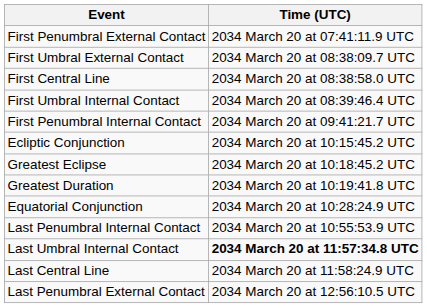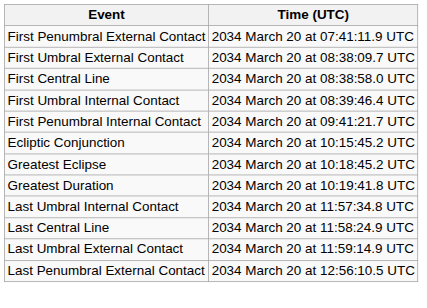 <table class="wikitable">
 <tr>
 <th>Event</th>
 <th>Time (UTC)</th>
 </tr>
 <tr>
 <td>First Penumbral External Contact</td>
 <td>2034 March 20 at 07:41:11.9 UTC</td>
 </tr>
 <tr>
 <td>First Umbral External Contact</td>
 <td>2034 March 20 at 08:38:09.7 UTC</td>
 </tr>
 <tr>
 <td>First Central Line</td>
 <td>2034 March 20 at 08:38:58.0 UTC</td>
 </tr>
 <tr>
 <td>First Umbral Internal Contact</td>
 <td>2034 March 20 at 08:39:46.4 UTC</td>
 </tr>
 <tr>
 <td>First Penumbral Internal Contact</td>
 <td>2034 March 20 at 09:41:21.7 UTC</td>
 </tr>
 <tr>
 <td>Ecliptic Conjunction</td>
 <td>2034 March 20 at 10:15:45.2 UTC</td>
 </tr>
 <tr>
 <td>Greatest Eclipse</td>
 <td>2034 March 20 at 10:18:45.2 UTC</td>
 </tr>
 <tr>
 <td>Greatest Duration</td>
 <td>2034 March 20 at 10:19:41.8 UTC</td>
 </tr>
 <tr>
-<td>Equatorial Conjunction</td>
-<td>2034 March 20 at 10:28:24.9 UTC</td>
-</tr>
-<tr>
-<td>Last Penumbral Internal Contact</td>
-<td>2034 March 20 at 10:55:53.9 UTC</td>
-</tr>
-<tr>
 <td>Last Umbral Internal Contact</td>
-<td><strong>2034 March 20 at 11:57:34.8 UTC</strong></td>
+<td>2034 March 20 at 11:57:34.8 UTC</td>
 </tr>
 <tr>
 <td>Last Central Line</td>
 <td>2034 March 20 at 11:58:24.9 UTC</td>
 </tr>
 <tr>
+<td>Last Umbral External Contact</td>
+<td>2034 March 20 at 11:59:14.9 UTC</td>
+</tr>
+<tr>
 <td>Last Penumbral External Contact</td>
 <td>2034 March 20 at 12:56:10.5 UTC</td>
 </tr>
 </table>
